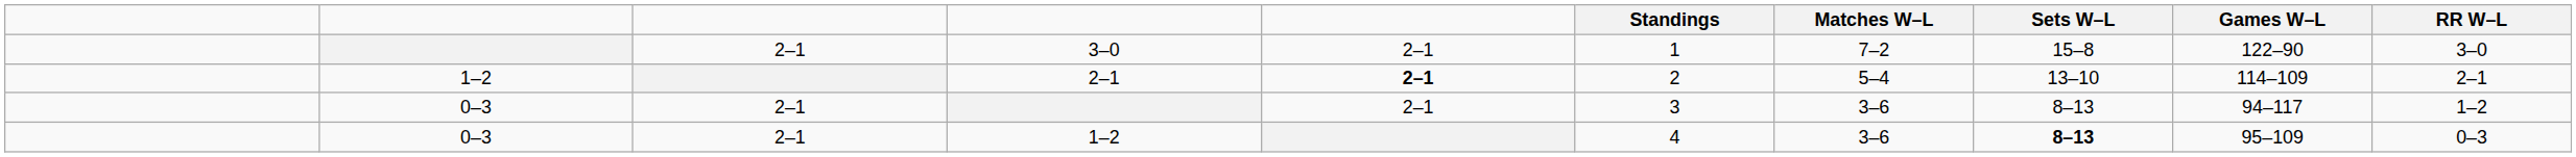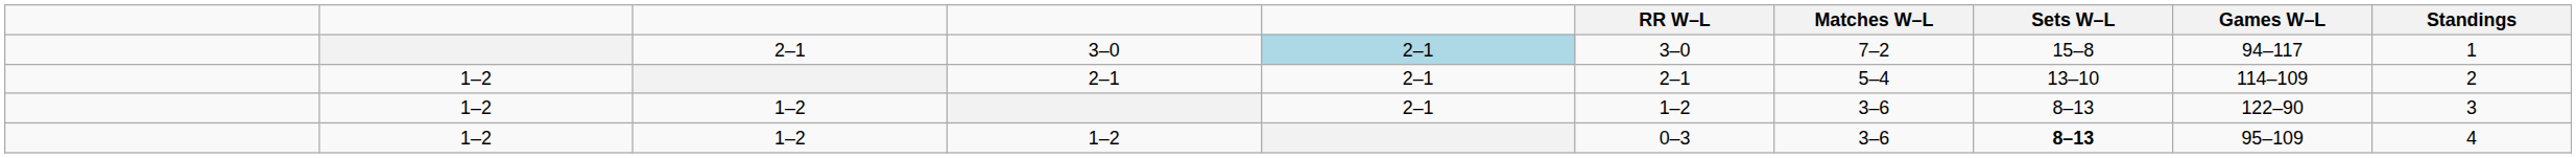 <table class="wikitable" style="width: 100%; text-align:center; font-size:90%">
 <tr>
 <td width=130></td>
 <td width=130></td>
 <td width=130></td>
 <td width=130></td>
 <td width=130></td>
-<th width=80>Standings</th>
+<th width=80>RR W–L</th>
 <th width=80>Matches W–L</th>
 <th width=80>Sets W–L</th>
 <th width=80>Games W–L</th>
-<th width=80>RR W–L</th>
+<th width=80>Standings</th>
 </tr>
 <tr>
 <td style="text-align:left;"></td>
 <th bgcolor="ededed"></th>
 <td>2–1</td>
 <td>3–0</td>
-<td>2–1</td>
-<td>1</td>
+<td style="background: lightblue;">2–1</td>
+<td>3–0</td>
 <td>7–2</td>
 <td>15–8</td>
-<td>122–90</td>
-<td>3–0</td>
+<td>94–117</td>
+<td>1</td>
 </tr>
 <tr>
 <td style="text-align:left;"></td>
 <td>1–2</td>
 <th bgcolor="ededed"></th>
 <td>2–1</td>
-<td><strong>2–1</strong></td>
-<td>2</td>
+<td>2–1</td>
+<td>2–1</td>
 <td>5–4</td>
 <td>13–10</td>
 <td>114–109</td>
-<td>2–1</td>
+<td>2</td>
 </tr>
 <tr>
 <td style="text-align:left;"></td>
-<td>0–3</td>
-<td>2–1</td>
+<td>1–2</td>
+<td>1–2</td>
 <th bgcolor="ededed"></th>
 <td>2–1</td>
-<td>3</td>
+<td>1–2</td>
 <td>3–6</td>
 <td>8–13</td>
-<td>94–117</td>
-<td>1–2</td>
+<td>122–90</td>
+<td>3</td>
 </tr>
 <tr>
 <td style="text-align:left;"></td>
-<td>0–3</td>
-<td>2–1</td>
+<td>1–2</td>
+<td>1–2</td>
 <td>1–2</td>
 <th bgcolor="ededed"></th>
-<td>4</td>
+<td>0–3</td>
 <td>3–6</td>
 <td><strong>8–13</strong></td>
 <td>95–109</td>
-<td>0–3</td>
+<td>4</td>
 </tr>
 </table>
